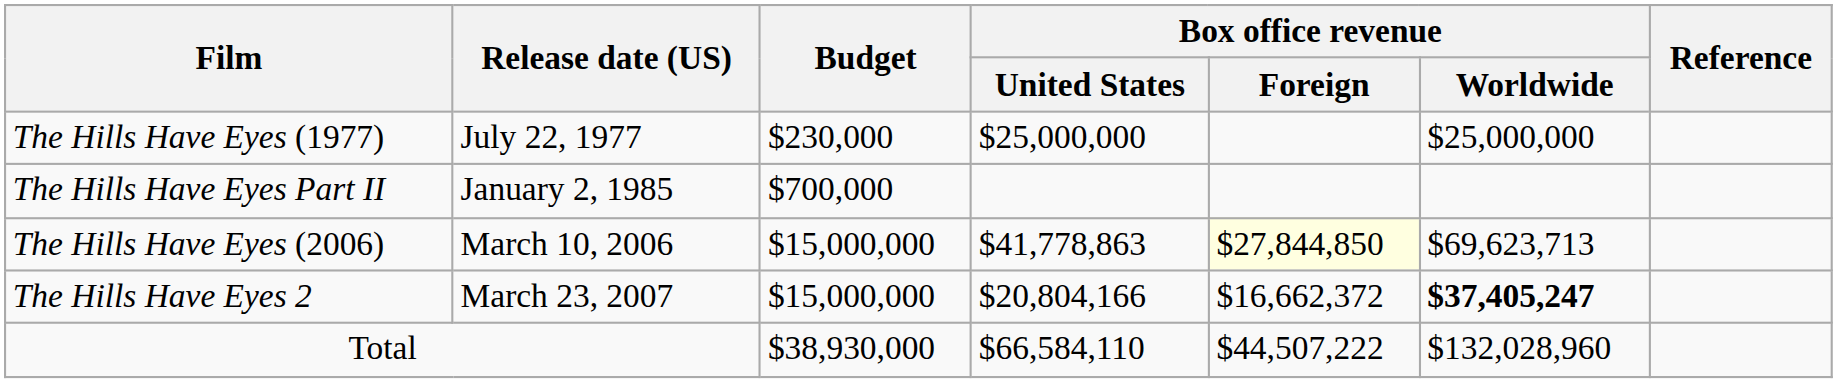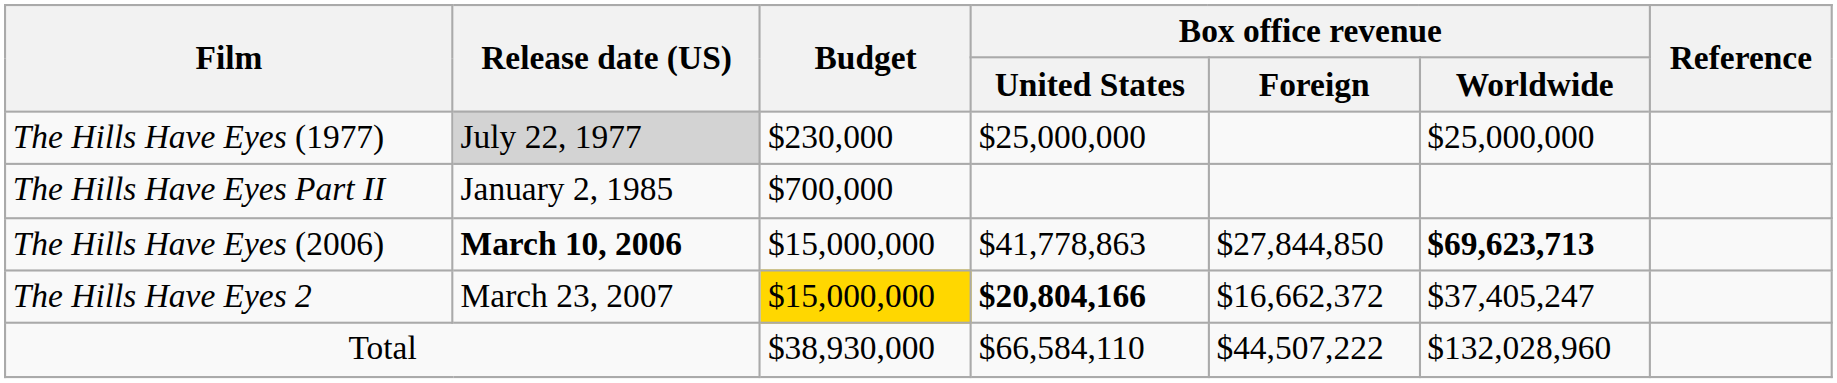 <table class="wikitable" width=99% border="1">
 <tr>
 <th rowspan="2">Film</th>
 <th rowspan="2">Release date (US)</th>
 <th rowspan="2">Budget</th>
 <th colspan="3">Box office revenue</th>
 <th rowspan="2">Reference</th>
 </tr>
 <tr>
 <th align="center">United States</th>
 <th align="center">Foreign</th>
 <th align="center">Worldwide</th>
 </tr>
 <tr>
 <td><em>The Hills Have Eyes</em> (1977)</td>
-<td>July 22, 1977</td>
+<td style="background: lightgrey;">July 22, 1977</td>
 <td>$230,000</td>
 <td>$25,000,000</td>
 <td></td>
 <td>$25,000,000</td>
 <td></td>
 </tr>
 <tr>
 <td><em>The Hills Have Eyes Part II</em></td>
 <td>January 2, 1985</td>
 <td>$700,000</td>
 <td></td>
 <td></td>
 <td></td>
 <td></td>
 </tr>
 <tr>
 <td><em>The Hills Have Eyes</em> (2006)</td>
-<td>March 10, 2006</td>
+<td><strong>March 10, 2006</strong></td>
 <td>$15,000,000</td>
 <td>$41,778,863</td>
-<td style="background: lightyellow;">$27,844,850</td>
-<td>$69,623,713</td>
+<td>$27,844,850</td>
+<td><strong>$69,623,713</strong></td>
 <td></td>
 </tr>
 <tr>
 <td><em>The Hills Have Eyes 2</em></td>
 <td>March 23, 2007</td>
-<td>$15,000,000</td>
-<td>$20,804,166</td>
+<td style="background: gold;">$15,000,000</td>
+<td><strong>$20,804,166</strong></td>
 <td>$16,662,372</td>
-<td><strong>$37,405,247</strong></td>
+<td>$37,405,247</td>
 <td></td>
 </tr>
 <tr>
 <td colspan=2 align="center">Total</td>
 <td>$38,930,000</td>
 <td>$66,584,110</td>
 <td>$44,507,222</td>
 <td>$132,028,960</td>
 <td></td>
 </tr>
 </table>
